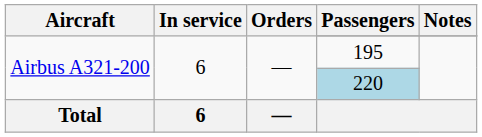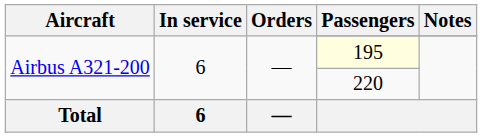 <table class="wikitable" style="margin:1em auto; text-align:center;">
 <tr>
 <th>Aircraft</th>
 <th>In service</th>
 <th>Orders</th>
 <th>Passengers</th>
 <th>Notes</th>
 </tr>
 <tr>
 <td rowspan="3"><a href='#'>Airbus A321-200</a></td>
 <td rowspan="3">6</td>
 <td rowspan="3">—</td>
 </tr>
 <tr>
-<td>195</td>
+<td style="background: lightyellow;">195</td>
 <td rowspan="2"></td>
 </tr>
 <tr>
-<td style="background: lightblue;">220</td>
+<td>220</td>
 </tr>
 <tr>
 <th>Total</th>
 <th>6</th>
 <th>—</th>
 <th colspan="4"></th>
 </tr>
 </table>
